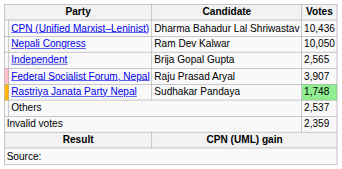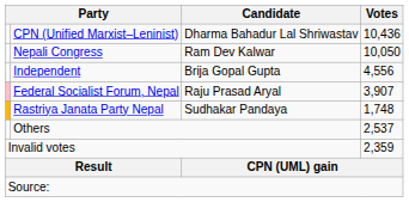 <table class="wikitable">
 <tr>
 <th colspan="2">Party</th>
 <th>Candidate</th>
 <th>Votes</th>
 </tr>
 <tr>
 <td style="background-color:"></td>
 <td><a href='#'>CPN (Unified Marxist–Leninist)</a></td>
 <td>Dharma Bahadur Lal Shriwastav</td>
 <td>10,436</td>
 </tr>
 <tr>
 <td style="background-color:"></td>
 <td><a href='#'>Nepali Congress</a></td>
 <td>Ram Dev Kalwar</td>
 <td>10,050</td>
 </tr>
 <tr>
 <td style="background-color:"></td>
 <td><a href='#'>Independent</a></td>
 <td>Brija Gopal Gupta</td>
-<td>2,565</td>
+<td>4,556</td>
 </tr>
 <tr>
 <td style="background-color:pink"></td>
 <td><a href='#'>Federal Socialist Forum, Nepal</a></td>
 <td>Raju Prasad Aryal</td>
 <td>3,907</td>
 </tr>
 <tr>
 <td style="background-color:#ffb700"></td>
 <td><a href='#'>Rastriya Janata Party Nepal</a></td>
 <td>Sudhakar Pandaya</td>
-<td style="background: lightgreen;">1,748</td>
+<td>1,748</td>
 </tr>
 <tr>
 <td></td>
 <td colspan="2">Others</td>
 <td>2,537</td>
 </tr>
 <tr>
 <td colspan="3">Invalid votes</td>
 <td>2,359</td>
 </tr>
 <tr>
 <th colspan="2">Result</th>
 <th colspan="2">CPN (UML) gain</th>
 </tr>
 <tr>
 <td colspan="4">Source: </td>
 </tr>
 </table>
